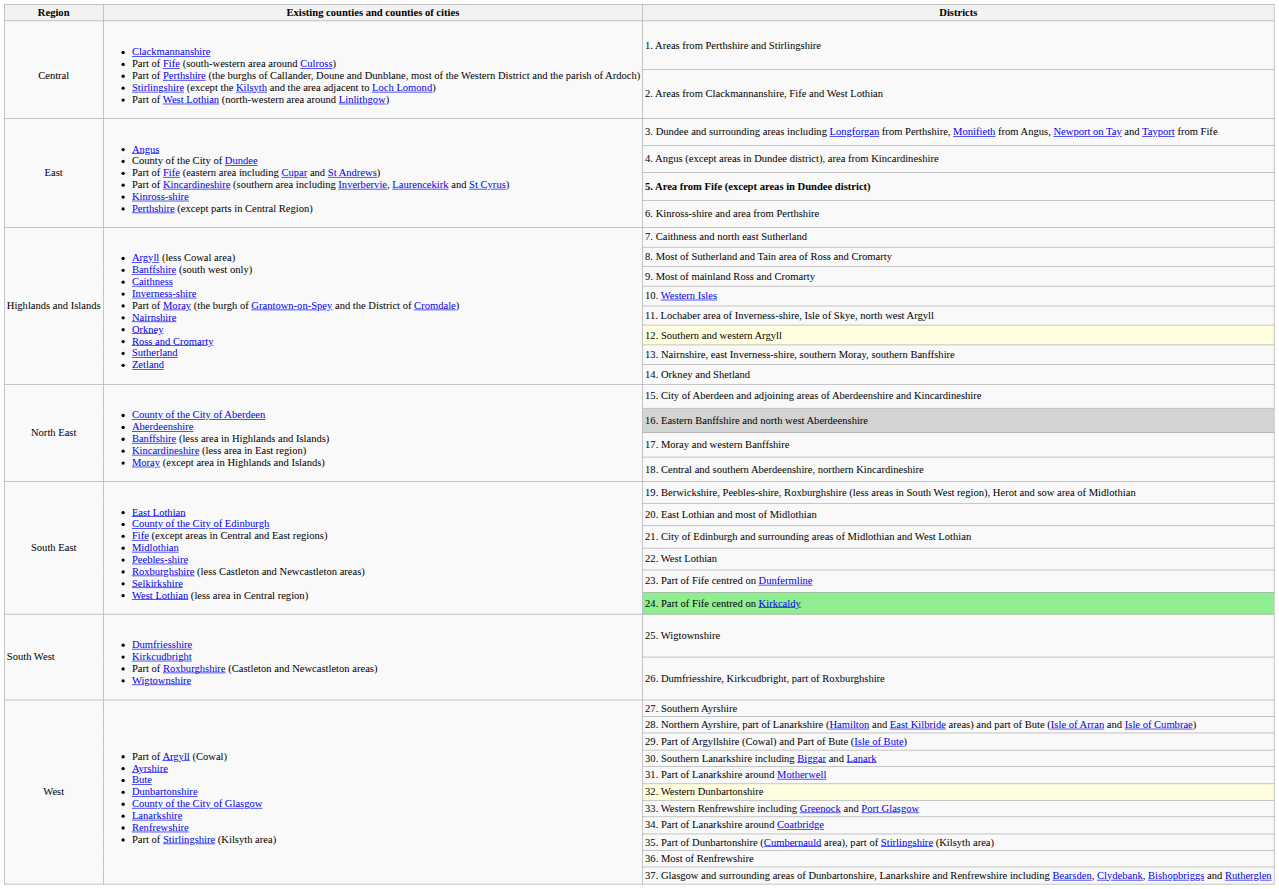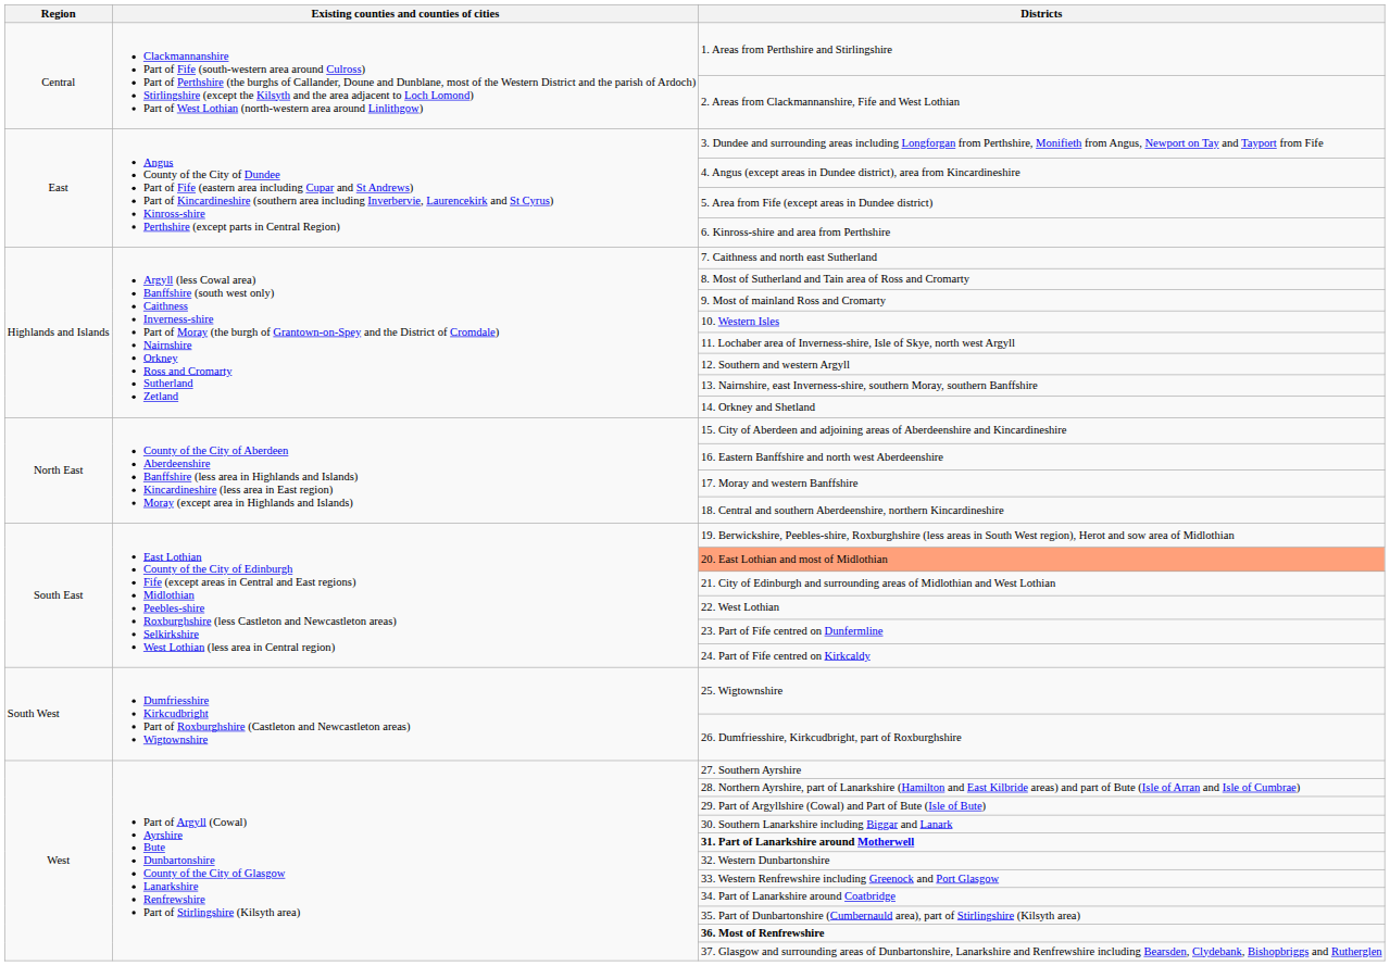 <table class="wikitable">
 <tr>
 <th>Region</th>
 <th>Existing counties and counties of cities</th>
 <th>Districts</th>
 </tr>
 <tr>
 <td rowspan=2 align=center><br>Central</td>
 <td rowspan=2><br><ul><li><a href='#'>Clackmannanshire</a></li><li>Part of <a href='#'>Fife</a> (south-western area around <a href='#'>Culross</a>)</li><li>Part of <a href='#'>Perthshire</a> (the burghs of Callander, Doune and Dunblane, most of the Western District and the parish of Ardoch)</li><li><a href='#'>Stirlingshire</a> (except the <a href='#'>Kilsyth</a> and the area adjacent to <a href='#'>Loch Lomond</a>)</li><li>Part of <a href='#'>West Lothian</a> (north-western area around <a href='#'>Linlithgow</a>)</li></ul></td>
 <td>1. Areas from Perthshire and Stirlingshire</td>
 </tr>
 <tr>
 <td>2. Areas from Clackmannanshire, Fife and West Lothian</td>
 </tr>
 <tr>
 <td rowspan=4 align=center>East</td>
 <td rowspan=4><br><ul><li><a href='#'>Angus</a></li><li>County of the City of <a href='#'>Dundee</a></li><li>Part of <a href='#'>Fife</a> (eastern area including <a href='#'>Cupar</a> and <a href='#'>St Andrews</a>)</li><li>Part of <a href='#'>Kincardineshire</a> (southern area including <a href='#'>Inverbervie</a>, <a href='#'>Laurencekirk</a> and <a href='#'>St Cyrus</a>)</li><li><a href='#'>Kinross-shire</a></li><li><a href='#'>Perthshire</a> (except parts in Central Region)</li></ul></td>
 <td>3. Dundee and surrounding areas including <a href='#'>Longforgan</a> from Perthshire, <a href='#'>Monifieth</a> from Angus, <a href='#'>Newport on Tay</a> and <a href='#'>Tayport</a> from Fife</td>
 </tr>
 <tr>
 <td>4. Angus (except areas in Dundee district), area from Kincardineshire</td>
 </tr>
 <tr>
-<td><strong>5. Area from Fife (except areas in Dundee district)</strong></td>
+<td>5. Area from Fife (except areas in Dundee district)</td>
 </tr>
 <tr>
 <td>6. Kinross-shire and area from Perthshire</td>
 </tr>
 <tr>
 <td rowspan=8 align=center>Highlands and Islands</td>
 <td rowspan=8><br><ul><li><a href='#'>Argyll</a> (less Cowal area)</li><li><a href='#'>Banffshire</a> (south west only)</li><li><a href='#'>Caithness</a></li><li><a href='#'>Inverness-shire</a></li><li>Part of <a href='#'>Moray</a> (the burgh of <a href='#'>Grantown-on-Spey</a> and the District of <a href='#'>Cromdale</a>)</li><li><a href='#'>Nairnshire</a></li><li><a href='#'>Orkney</a></li><li><a href='#'>Ross and Cromarty</a></li><li><a href='#'>Sutherland</a></li><li><a href='#'>Zetland</a></li></ul></td>
 <td>7. Caithness and north east Sutherland</td>
 </tr>
 <tr>
 <td>8. Most of Sutherland and Tain area of Ross and Cromarty</td>
 </tr>
 <tr>
 <td>9. Most of mainland Ross and Cromarty</td>
 </tr>
 <tr>
 <td>10. <a href='#'>Western Isles</a></td>
 </tr>
 <tr>
 <td>11. Lochaber area of Inverness-shire, Isle of Skye, north west Argyll</td>
 </tr>
 <tr>
-<td style="background: lightyellow;">12. Southern and western Argyll</td>
+<td>12. Southern and western Argyll</td>
 </tr>
 <tr>
 <td>13. Nairnshire, east Inverness-shire, southern Moray, southern Banffshire</td>
 </tr>
 <tr>
 <td>14. Orkney and Shetland</td>
 </tr>
 <tr>
 <td rowspan=4 align=center>North East</td>
 <td rowspan=4><br><ul><li><a href='#'>County of the City of Aberdeen</a></li><li><a href='#'>Aberdeenshire</a></li><li><a href='#'>Banffshire</a> (less area in Highlands and Islands)</li><li><a href='#'>Kincardineshire</a> (less area in East region)</li><li><a href='#'>Moray</a> (except area in Highlands and Islands)</li></ul></td>
 <td>15. City of Aberdeen and adjoining areas of Aberdeenshire and Kincardineshire</td>
 </tr>
 <tr>
-<td style="background: lightgrey;">16. Eastern Banffshire and north west Aberdeenshire</td>
+<td>16. Eastern Banffshire and north west Aberdeenshire</td>
 </tr>
 <tr>
 <td>17. Moray and western Banffshire</td>
 </tr>
 <tr>
 <td>18. Central and southern Aberdeenshire, northern Kincardineshire</td>
 </tr>
 <tr>
 <td rowspan=6 align=center>South East</td>
 <td rowspan=6><br><ul><li><a href='#'>East Lothian</a></li><li><a href='#'>County of the City of Edinburgh</a></li><li><a href='#'>Fife</a> (except areas in Central and East regions)</li><li><a href='#'>Midlothian</a></li><li><a href='#'>Peebles-shire</a></li><li><a href='#'>Roxburghshire</a> (less Castleton and Newcastleton areas)</li><li><a href='#'>Selkirkshire</a></li><li><a href='#'>West Lothian</a> (less area in Central region)</li></ul></td>
 <td>19. Berwickshire, Peebles-shire, Roxburghshire (less areas in South West region), Herot and sow area of Midlothian</td>
 </tr>
 <tr>
-<td>20. East Lothian and most of Midlothian</td>
+<td style="background: lightsalmon;">20. East Lothian and most of Midlothian</td>
 </tr>
 <tr>
 <td>21. City of Edinburgh and surrounding areas of Midlothian and West Lothian</td>
 </tr>
 <tr>
 <td>22. West Lothian</td>
 </tr>
 <tr>
 <td>23. Part of Fife centred on <a href='#'>Dunfermline</a></td>
 </tr>
 <tr>
-<td style="background: lightgreen;">24. Part of Fife centred on <a href='#'>Kirkcaldy</a></td>
+<td>24. Part of Fife centred on <a href='#'>Kirkcaldy</a></td>
 </tr>
 <tr>
 <td align=centre rowspan=2>South West</td>
 <td rowspan=2><br><ul><li><a href='#'>Dumfriesshire</a></li><li><a href='#'>Kirkcudbright</a></li><li>Part of <a href='#'>Roxburghshire</a> (Castleton and Newcastleton areas)</li><li><a href='#'>Wigtownshire</a></li></ul></td>
 <td>25. Wigtownshire</td>
 </tr>
 <tr>
 <td>26. Dumfriesshire, Kirkcudbright, part of Roxburghshire</td>
 </tr>
 <tr>
 <td rowspan=11 align=center>West</td>
 <td rowspan=11><br><ul><li>Part of <a href='#'>Argyll</a> (Cowal)</li><li><a href='#'>Ayrshire</a></li><li><a href='#'>Bute</a></li><li><a href='#'>Dunbartonshire</a></li><li><a href='#'>County of the City of Glasgow</a></li><li><a href='#'>Lanarkshire</a></li><li><a href='#'>Renfrewshire</a></li><li>Part of <a href='#'>Stirlingshire</a> (Kilsyth area)</li></ul></td>
 <td>27. Southern Ayrshire</td>
 </tr>
 <tr>
 <td>28. Northern Ayrshire, part of Lanarkshire (<a href='#'>Hamilton</a> and <a href='#'>East Kilbride</a> areas) and part of Bute (<a href='#'>Isle of Arran</a> and <a href='#'>Isle of Cumbrae</a>)</td>
 </tr>
 <tr>
 <td>29. Part of Argyllshire (Cowal) and Part of Bute (<a href='#'>Isle of Bute</a>)</td>
 </tr>
 <tr>
 <td>30. Southern Lanarkshire including <a href='#'>Biggar</a> and <a href='#'>Lanark</a></td>
 </tr>
 <tr>
-<td>31. Part of Lanarkshire around <a href='#'>Motherwell</a></td>
+<td><strong>31. Part of Lanarkshire around <a href='#'>Motherwell</a></strong></td>
 </tr>
 <tr>
-<td style="background: lightyellow;">32. Western Dunbartonshire</td>
+<td>32. Western Dunbartonshire</td>
 </tr>
 <tr>
 <td>33. Western Renfrewshire including <a href='#'>Greenock</a> and <a href='#'>Port Glasgow</a></td>
 </tr>
 <tr>
 <td>34. Part of Lanarkshire around <a href='#'>Coatbridge</a></td>
 </tr>
 <tr>
 <td>35. Part of Dunbartonshire (<a href='#'>Cumbernauld</a> area), part of <a href='#'>Stirlingshire</a> (Kilsyth area)</td>
 </tr>
 <tr>
-<td>36. Most of Renfrewshire</td>
+<td><strong>36. Most of Renfrewshire</strong></td>
 </tr>
 <tr>
 <td>37. Glasgow and surrounding areas of Dunbartonshire, Lanarkshire and Renfrewshire including <a href='#'>Bearsden</a>, <a href='#'>Clydebank</a>, <a href='#'>Bishopbriggs</a> and <a href='#'>Rutherglen</a></td>
 </tr>
 </table>
